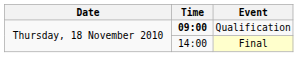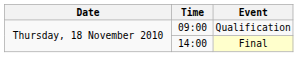 <table class = "wikitable" style="text-align:center;">
 <tr>
 <th width=220>Date</th>
 <th width=50>Time</th>
 <th width=100>Event</th>
 </tr>
 <tr>
 <td rowspan=2>Thursday, 18 November 2010</td>
-<td><strong>09:00</strong></td>
+<td>09:00</td>
 <td>Qualification</td>
 </tr>
 <tr>
 <td>14:00</td>
 <td bgcolor=ffffcc>Final</td>
 </tr>
 </table>
